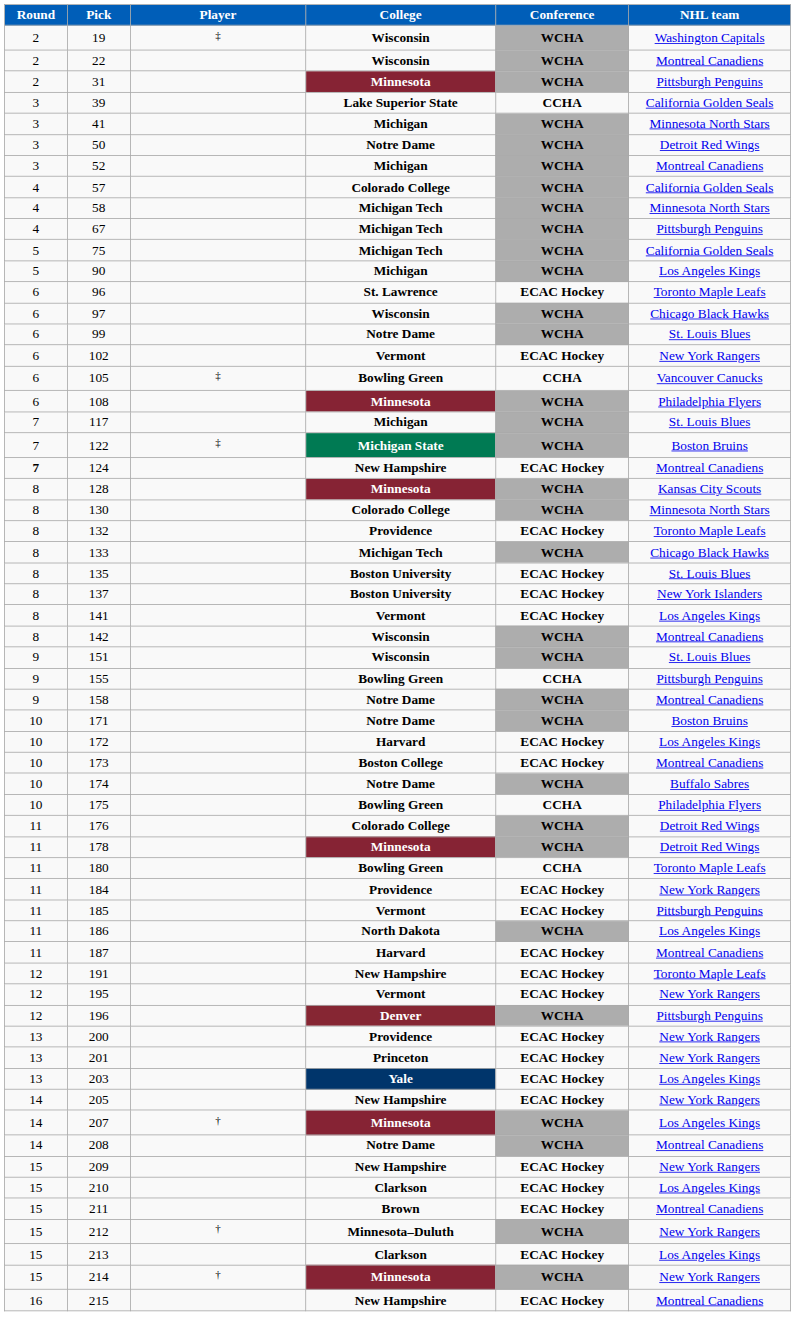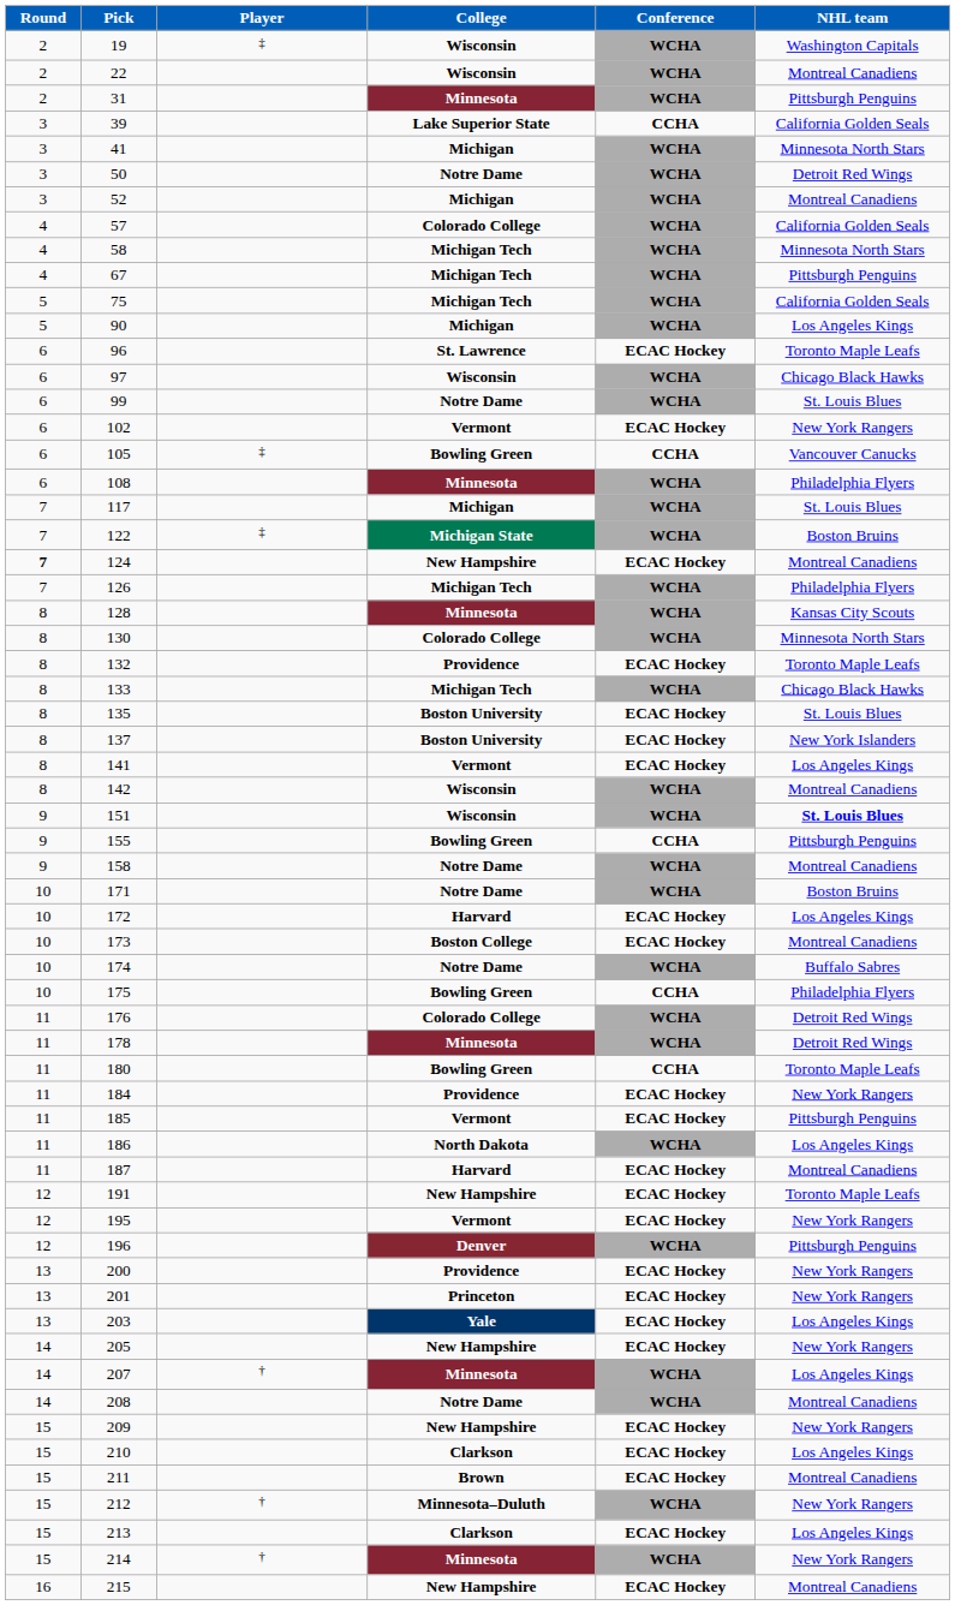 <table class="wikitable sortable" width="75%">
 <tr>
 <th style="color:white; background-color:#005EB8; width: 4em;">Round</th>
 <th style="color:white; background-color:#005EB8; width: 4em;">Pick</th>
 <th style="color:white; background-color:#005EB8; width: 12em;">Player</th>
 <th style="color:white; background-color:#005EB8; width: 13em;">College</th>
 <th style="color:white; background-color:#005EB8; width: 9em;">Conference</th>
 <th style="color:white; background-color:#005EB8; width: 11em;">NHL team</th>
 </tr>
 <tr align="center" bgcolor="">
 <td>2</td>
 <td>19</td>
 <td> <sup>‡</sup></td>
 <td><strong>Wisconsin</strong></td>
 <td style="color:black; background:#ADADAD; "><strong>WCHA</strong></td>
 <td><a href='#'>Washington Capitals</a></td>
 </tr>
 <tr align="center" bgcolor="">
 <td>2</td>
 <td>22</td>
 <td></td>
 <td><strong>Wisconsin</strong></td>
 <td style="color:black; background:#ADADAD; "><strong>WCHA</strong></td>
 <td><a href='#'>Montreal Canadiens</a></td>
 </tr>
 <tr align="center" bgcolor="">
 <td>2</td>
 <td>31</td>
 <td></td>
 <td style="color:white; background:#862334; "><strong>Minnesota</strong></td>
 <td style="color:black; background:#ADADAD; "><strong>WCHA</strong></td>
 <td><a href='#'>Pittsburgh Penguins</a></td>
 </tr>
 <tr align="center" bgcolor="">
 <td>3</td>
 <td>39</td>
 <td></td>
 <td><strong>Lake Superior State</strong></td>
 <td><strong>CCHA</strong></td>
 <td><a href='#'>California Golden Seals</a></td>
 </tr>
 <tr align="center" bgcolor="">
 <td>3</td>
 <td>41</td>
 <td></td>
 <td><strong>Michigan</strong></td>
 <td style="color:black; background:#ADADAD; "><strong>WCHA</strong></td>
 <td><a href='#'>Minnesota North Stars</a></td>
 </tr>
 <tr align="center" bgcolor="">
 <td>3</td>
 <td>50</td>
 <td></td>
 <td><strong>Notre Dame</strong></td>
 <td style="color:black; background:#ADADAD; "><strong>WCHA</strong></td>
 <td><a href='#'>Detroit Red Wings</a></td>
 </tr>
 <tr align="center" bgcolor="">
 <td>3</td>
 <td>52</td>
 <td></td>
 <td><strong>Michigan</strong></td>
 <td style="color:black; background:#ADADAD; "><strong>WCHA</strong></td>
 <td><a href='#'>Montreal Canadiens</a></td>
 </tr>
 <tr align="center" bgcolor="">
 <td>4</td>
 <td>57</td>
 <td></td>
 <td><strong>Colorado College</strong></td>
 <td style="color:black; background:#ADADAD; "><strong>WCHA</strong></td>
 <td><a href='#'>California Golden Seals</a></td>
 </tr>
 <tr align="center" bgcolor="">
 <td>4</td>
 <td>58</td>
 <td></td>
 <td><strong>Michigan Tech</strong></td>
 <td style="color:black; background:#ADADAD; "><strong>WCHA</strong></td>
 <td><a href='#'>Minnesota North Stars</a></td>
 </tr>
 <tr align="center" bgcolor="">
 <td>4</td>
 <td>67</td>
 <td></td>
 <td><strong>Michigan Tech</strong></td>
 <td style="color:black; background:#ADADAD; "><strong>WCHA</strong></td>
 <td><a href='#'>Pittsburgh Penguins</a></td>
 </tr>
 <tr align="center" bgcolor="">
 <td>5</td>
 <td>75</td>
 <td></td>
 <td><strong>Michigan Tech</strong></td>
 <td style="color:black; background:#ADADAD; "><strong>WCHA</strong></td>
 <td><a href='#'>California Golden Seals</a></td>
 </tr>
 <tr align="center" bgcolor="">
 <td>5</td>
 <td>90</td>
 <td></td>
 <td><strong>Michigan</strong></td>
 <td style="color:black; background:#ADADAD; "><strong>WCHA</strong></td>
 <td><a href='#'>Los Angeles Kings</a></td>
 </tr>
 <tr align="center" bgcolor="">
 <td>6</td>
 <td>96</td>
 <td></td>
 <td><strong>St. Lawrence</strong></td>
 <td><strong>ECAC Hockey</strong></td>
 <td><a href='#'>Toronto Maple Leafs</a></td>
 </tr>
 <tr align="center" bgcolor="">
 <td>6</td>
 <td>97</td>
 <td></td>
 <td><strong>Wisconsin</strong></td>
 <td style="color:black; background:#ADADAD; "><strong>WCHA</strong></td>
 <td><a href='#'>Chicago Black Hawks</a></td>
 </tr>
 <tr align="center" bgcolor="">
 <td>6</td>
 <td>99</td>
 <td></td>
 <td><strong>Notre Dame</strong></td>
 <td style="color:black; background:#ADADAD; "><strong>WCHA</strong></td>
 <td><a href='#'>St. Louis Blues</a></td>
 </tr>
 <tr align="center" bgcolor="">
 <td>6</td>
 <td>102</td>
 <td></td>
 <td><strong>Vermont</strong></td>
 <td><strong>ECAC Hockey</strong></td>
 <td><a href='#'>New York Rangers</a></td>
 </tr>
 <tr align="center" bgcolor="">
 <td>6</td>
 <td>105</td>
 <td> <sup>‡</sup></td>
 <td><strong>Bowling Green</strong></td>
 <td><strong>CCHA</strong></td>
 <td><a href='#'>Vancouver Canucks</a></td>
 </tr>
 <tr align="center" bgcolor="">
 <td>6</td>
 <td>108</td>
 <td></td>
 <td style="color:white; background:#862334; "><strong>Minnesota</strong></td>
 <td style="color:black; background:#ADADAD; "><strong>WCHA</strong></td>
 <td><a href='#'>Philadelphia Flyers</a></td>
 </tr>
 <tr align="center" bgcolor="">
 <td>7</td>
 <td>117</td>
 <td></td>
 <td><strong>Michigan</strong></td>
 <td style="color:black; background:#ADADAD; "><strong>WCHA</strong></td>
 <td><a href='#'>St. Louis Blues</a></td>
 </tr>
 <tr align="center" bgcolor="">
 <td>7</td>
 <td>122</td>
 <td> <sup>‡</sup></td>
 <td style="color:white; background:#007A53"><strong>Michigan State</strong></td>
 <td style="color:black; background:#ADADAD; "><strong>WCHA</strong></td>
 <td><a href='#'>Boston Bruins</a></td>
 </tr>
 <tr align="center" bgcolor="">
 <td><strong>7</strong></td>
 <td>124</td>
 <td></td>
 <td><strong>New Hampshire</strong></td>
 <td><strong>ECAC Hockey</strong></td>
 <td><a href='#'>Montreal Canadiens</a></td>
 </tr>
 <tr align="center" bgcolor="">
+<td>7</td>
+<td>126</td>
+<td></td>
+<td><strong>Michigan Tech</strong></td>
+<td style="color:black; background:#ADADAD; "><strong>WCHA</strong></td>
+<td><a href='#'>Philadelphia Flyers</a></td>
+</tr>
+<tr align="center" bgcolor="">
 <td>8</td>
 <td>128</td>
 <td></td>
 <td style="color:white; background:#862334; "><strong>Minnesota</strong></td>
 <td style="color:black; background:#ADADAD; "><strong>WCHA</strong></td>
 <td><a href='#'>Kansas City Scouts</a></td>
 </tr>
 <tr align="center" bgcolor="">
 <td>8</td>
 <td>130</td>
 <td></td>
 <td><strong>Colorado College</strong></td>
 <td style="color:black; background:#ADADAD; "><strong>WCHA</strong></td>
 <td><a href='#'>Minnesota North Stars</a></td>
 </tr>
 <tr align="center" bgcolor="">
 <td>8</td>
 <td>132</td>
 <td></td>
 <td><strong>Providence</strong></td>
 <td><strong>ECAC Hockey</strong></td>
 <td><a href='#'>Toronto Maple Leafs</a></td>
 </tr>
 <tr align="center" bgcolor="">
 <td>8</td>
 <td>133</td>
 <td></td>
 <td><strong>Michigan Tech</strong></td>
 <td style="color:black; background:#ADADAD; "><strong>WCHA</strong></td>
 <td><a href='#'>Chicago Black Hawks</a></td>
 </tr>
 <tr align="center" bgcolor="">
 <td>8</td>
 <td>135</td>
 <td></td>
 <td><strong>Boston University</strong></td>
 <td><strong>ECAC Hockey</strong></td>
 <td><a href='#'>St. Louis Blues</a></td>
 </tr>
 <tr align="center" bgcolor="">
 <td>8</td>
 <td>137</td>
 <td></td>
 <td><strong>Boston University</strong></td>
 <td><strong>ECAC Hockey</strong></td>
 <td><a href='#'>New York Islanders</a></td>
 </tr>
 <tr align="center" bgcolor="">
 <td>8</td>
 <td>141</td>
 <td></td>
 <td><strong>Vermont</strong></td>
 <td><strong>ECAC Hockey</strong></td>
 <td><a href='#'>Los Angeles Kings</a></td>
 </tr>
 <tr align="center" bgcolor="">
 <td>8</td>
 <td>142</td>
 <td></td>
 <td><strong>Wisconsin</strong></td>
 <td style="color:black; background:#ADADAD; "><strong>WCHA</strong></td>
 <td><a href='#'>Montreal Canadiens</a></td>
 </tr>
 <tr align="center" bgcolor="">
 <td>9</td>
 <td>151</td>
 <td></td>
 <td><strong>Wisconsin</strong></td>
 <td style="color:black; background:#ADADAD; "><strong>WCHA</strong></td>
-<td><a href='#'>St. Louis Blues</a></td>
+<td><strong><a href='#'>St. Louis Blues</a></strong></td>
 </tr>
 <tr align="center" bgcolor="">
 <td>9</td>
 <td>155</td>
 <td></td>
 <td><strong>Bowling Green</strong></td>
 <td><strong>CCHA</strong></td>
 <td><a href='#'>Pittsburgh Penguins</a></td>
 </tr>
 <tr align="center" bgcolor="">
 <td>9</td>
 <td>158</td>
 <td></td>
 <td><strong>Notre Dame</strong></td>
 <td style="color:black; background:#ADADAD; "><strong>WCHA</strong></td>
 <td><a href='#'>Montreal Canadiens</a></td>
 </tr>
 <tr align="center" bgcolor="">
 <td>10</td>
 <td>171</td>
 <td></td>
 <td><strong>Notre Dame</strong></td>
 <td style="color:black; background:#ADADAD; "><strong>WCHA</strong></td>
 <td><a href='#'>Boston Bruins</a></td>
 </tr>
 <tr align="center" bgcolor="">
 <td>10</td>
 <td>172</td>
 <td></td>
 <td><strong>Harvard</strong></td>
 <td><strong>ECAC Hockey</strong></td>
 <td><a href='#'>Los Angeles Kings</a></td>
 </tr>
 <tr align="center" bgcolor="">
 <td>10</td>
 <td>173</td>
 <td></td>
 <td><strong>Boston College</strong></td>
 <td><strong>ECAC Hockey</strong></td>
 <td><a href='#'>Montreal Canadiens</a></td>
 </tr>
 <tr align="center" bgcolor="">
 <td>10</td>
 <td>174</td>
 <td></td>
 <td><strong>Notre Dame</strong></td>
 <td style="color:black; background:#ADADAD; "><strong>WCHA</strong></td>
 <td><a href='#'>Buffalo Sabres</a></td>
 </tr>
 <tr align="center" bgcolor="">
 <td>10</td>
 <td>175</td>
 <td></td>
 <td><strong>Bowling Green</strong></td>
 <td><strong>CCHA</strong></td>
 <td><a href='#'>Philadelphia Flyers</a></td>
 </tr>
 <tr align="center" bgcolor="">
 <td>11</td>
 <td>176</td>
 <td></td>
 <td><strong>Colorado College</strong></td>
 <td style="color:black; background:#ADADAD; "><strong>WCHA</strong></td>
 <td><a href='#'>Detroit Red Wings</a></td>
 </tr>
 <tr align="center" bgcolor="">
 <td>11</td>
 <td>178</td>
 <td></td>
 <td style="color:white; background:#862334; "><strong>Minnesota</strong></td>
 <td style="color:black; background:#ADADAD; "><strong>WCHA</strong></td>
 <td><a href='#'>Detroit Red Wings</a></td>
 </tr>
 <tr align="center" bgcolor="">
 <td>11</td>
 <td>180</td>
 <td></td>
 <td><strong>Bowling Green</strong></td>
 <td><strong>CCHA</strong></td>
 <td><a href='#'>Toronto Maple Leafs</a></td>
 </tr>
 <tr align="center" bgcolor="">
 <td>11</td>
 <td>184</td>
 <td></td>
 <td><strong>Providence</strong></td>
 <td><strong>ECAC Hockey</strong></td>
 <td><a href='#'>New York Rangers</a></td>
 </tr>
 <tr align="center" bgcolor="">
 <td>11</td>
 <td>185</td>
 <td></td>
 <td><strong>Vermont</strong></td>
 <td><strong>ECAC Hockey</strong></td>
 <td><a href='#'>Pittsburgh Penguins</a></td>
 </tr>
 <tr align="center" bgcolor="">
 <td>11</td>
 <td>186</td>
 <td></td>
 <td><strong>North Dakota</strong></td>
 <td style="color:black; background:#ADADAD; "><strong>WCHA</strong></td>
 <td><a href='#'>Los Angeles Kings</a></td>
 </tr>
 <tr align="center" bgcolor="">
 <td>11</td>
 <td>187</td>
 <td></td>
 <td><strong>Harvard</strong></td>
 <td><strong>ECAC Hockey</strong></td>
 <td><a href='#'>Montreal Canadiens</a></td>
 </tr>
 <tr align="center" bgcolor="">
 <td>12</td>
 <td>191</td>
 <td></td>
 <td><strong>New Hampshire</strong></td>
 <td><strong>ECAC Hockey</strong></td>
 <td><a href='#'>Toronto Maple Leafs</a></td>
 </tr>
 <tr align="center" bgcolor="">
 <td>12</td>
 <td>195</td>
 <td></td>
 <td><strong>Vermont</strong></td>
 <td><strong>ECAC Hockey</strong></td>
 <td><a href='#'>New York Rangers</a></td>
 </tr>
 <tr align="center" bgcolor="">
 <td>12</td>
 <td>196</td>
 <td></td>
 <td style="color:white; background:#862633; "><strong>Denver</strong></td>
 <td style="color:black; background:#ADADAD; "><strong>WCHA</strong></td>
 <td><a href='#'>Pittsburgh Penguins</a></td>
 </tr>
 <tr align="center" bgcolor="">
 <td>13</td>
 <td>200</td>
 <td></td>
 <td><strong>Providence</strong></td>
 <td><strong>ECAC Hockey</strong></td>
 <td><a href='#'>New York Rangers</a></td>
 </tr>
 <tr align="center" bgcolor="">
 <td>13</td>
 <td>201</td>
 <td></td>
 <td><strong>Princeton</strong></td>
 <td><strong>ECAC Hockey</strong></td>
 <td><a href='#'>New York Rangers</a></td>
 </tr>
 <tr align="center" bgcolor="">
 <td>13</td>
 <td>203</td>
 <td></td>
 <td style="color:white; background:#00356B"><strong>Yale</strong></td>
 <td><strong>ECAC Hockey</strong></td>
 <td><a href='#'>Los Angeles Kings</a></td>
 </tr>
 <tr align="center" bgcolor="">
 <td>14</td>
 <td>205</td>
 <td></td>
 <td><strong>New Hampshire</strong></td>
 <td><strong>ECAC Hockey</strong></td>
 <td><a href='#'>New York Rangers</a></td>
 </tr>
 <tr align="center" bgcolor="">
 <td>14</td>
 <td>207</td>
 <td> <sup>†</sup></td>
 <td style="color:white; background:#862334; "><strong>Minnesota</strong></td>
 <td style="color:black; background:#ADADAD; "><strong>WCHA</strong></td>
 <td><a href='#'>Los Angeles Kings</a></td>
 </tr>
 <tr align="center" bgcolor="">
 <td>14</td>
 <td>208</td>
 <td></td>
 <td><strong>Notre Dame</strong></td>
 <td style="color:black; background:#ADADAD; "><strong>WCHA</strong></td>
 <td><a href='#'>Montreal Canadiens</a></td>
 </tr>
 <tr align="center" bgcolor="">
 <td>15</td>
 <td>209</td>
 <td></td>
 <td><strong>New Hampshire</strong></td>
 <td><strong>ECAC Hockey</strong></td>
 <td><a href='#'>New York Rangers</a></td>
 </tr>
 <tr align="center" bgcolor="">
 <td>15</td>
 <td>210</td>
 <td></td>
 <td><strong>Clarkson</strong></td>
 <td><strong>ECAC Hockey</strong></td>
 <td><a href='#'>Los Angeles Kings</a></td>
 </tr>
 <tr align="center" bgcolor="">
 <td>15</td>
 <td>211</td>
 <td></td>
 <td><strong>Brown</strong></td>
 <td><strong>ECAC Hockey</strong></td>
 <td><a href='#'>Montreal Canadiens</a></td>
 </tr>
 <tr align="center" bgcolor="">
 <td>15</td>
 <td>212</td>
 <td> <sup>†</sup></td>
 <td><strong>Minnesota–Duluth</strong></td>
 <td style="color:black; background:#ADADAD; "><strong>WCHA</strong></td>
 <td><a href='#'>New York Rangers</a></td>
 </tr>
 <tr align="center" bgcolor="">
 <td>15</td>
 <td>213</td>
 <td></td>
 <td><strong>Clarkson</strong></td>
 <td><strong>ECAC Hockey</strong></td>
 <td><a href='#'>Los Angeles Kings</a></td>
 </tr>
 <tr align="center" bgcolor="">
 <td>15</td>
 <td>214</td>
 <td> <sup>†</sup></td>
 <td style="color:white; background:#862334; "><strong>Minnesota</strong></td>
 <td style="color:black; background:#ADADAD; "><strong>WCHA</strong></td>
 <td><a href='#'>New York Rangers</a></td>
 </tr>
 <tr align="center" bgcolor="">
 <td>16</td>
 <td>215</td>
 <td></td>
 <td><strong>New Hampshire</strong></td>
 <td><strong>ECAC Hockey</strong></td>
 <td><a href='#'>Montreal Canadiens</a></td>
 </tr>
 </table>
